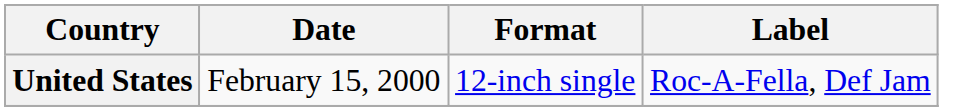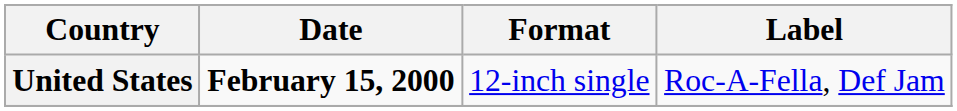 <table class="wikitable plainrowheaders" border="1">
 <tr>
 <th scope="col">Country</th>
 <th scope="col">Date</th>
 <th scope="col">Format</th>
 <th scope="col">Label</th>
 </tr>
 <tr>
 <th scope="row">United States</th>
-<td>February 15, 2000</td>
+<td><strong>February 15, 2000</strong></td>
 <td><a href='#'>12-inch single</a></td>
 <td><a href='#'>Roc-A-Fella</a>, <a href='#'>Def Jam</a></td>
 </tr>
 <tr>
 </tr>
 </table>
